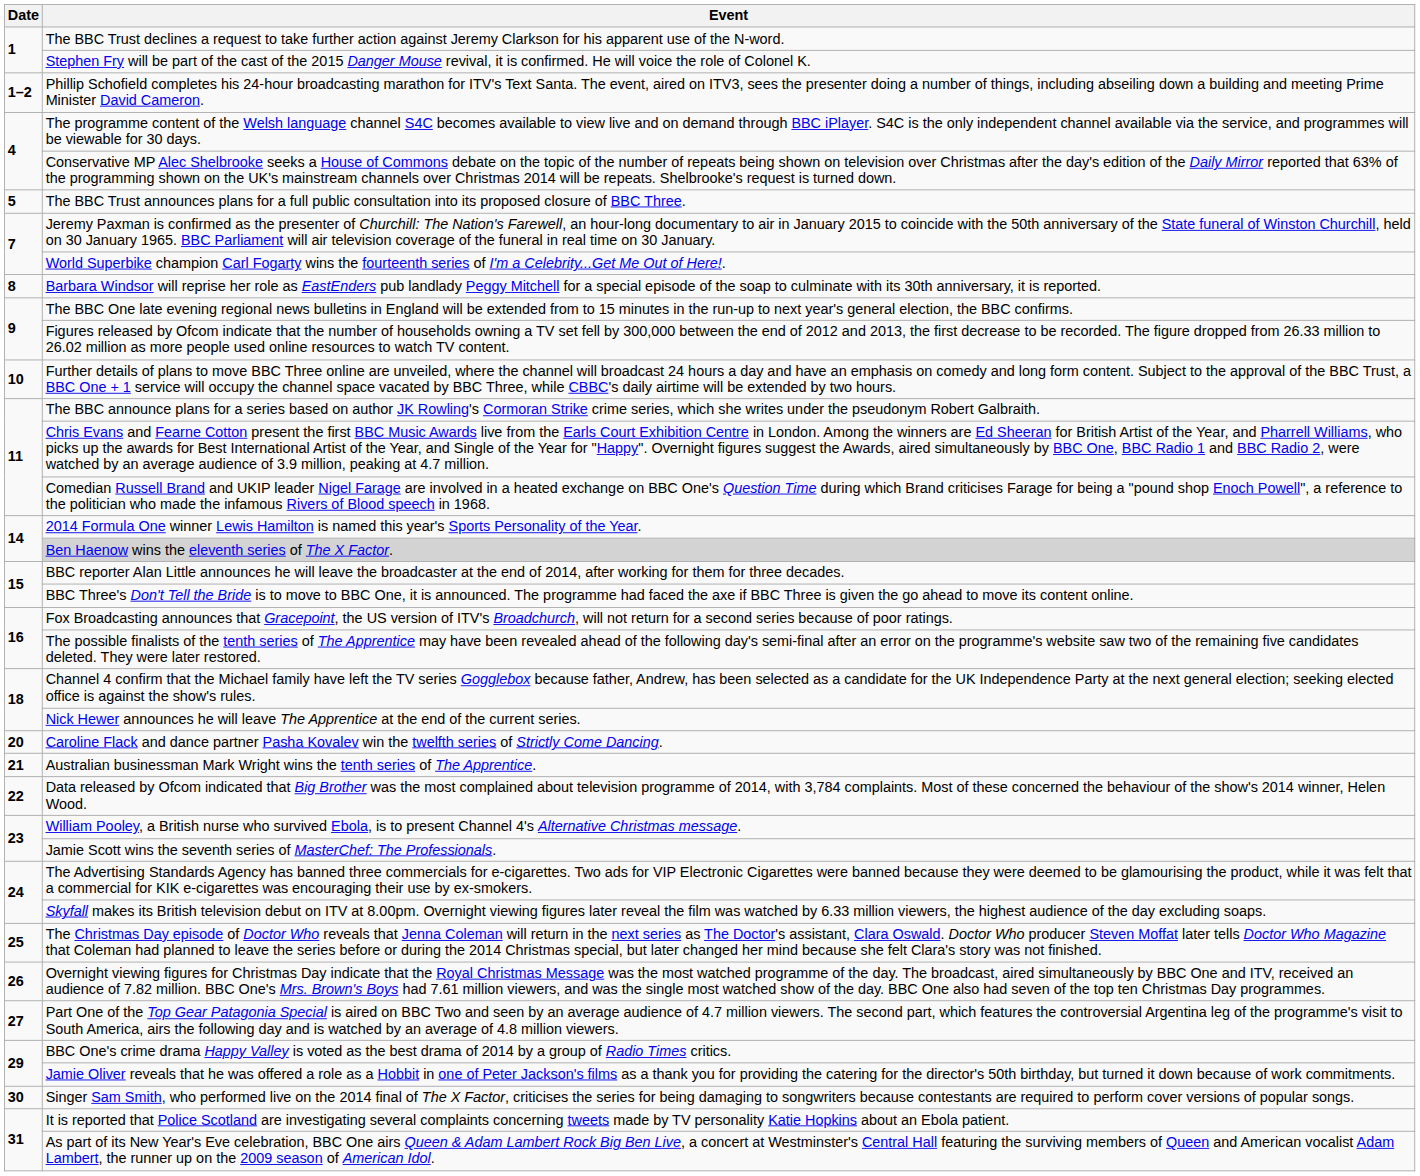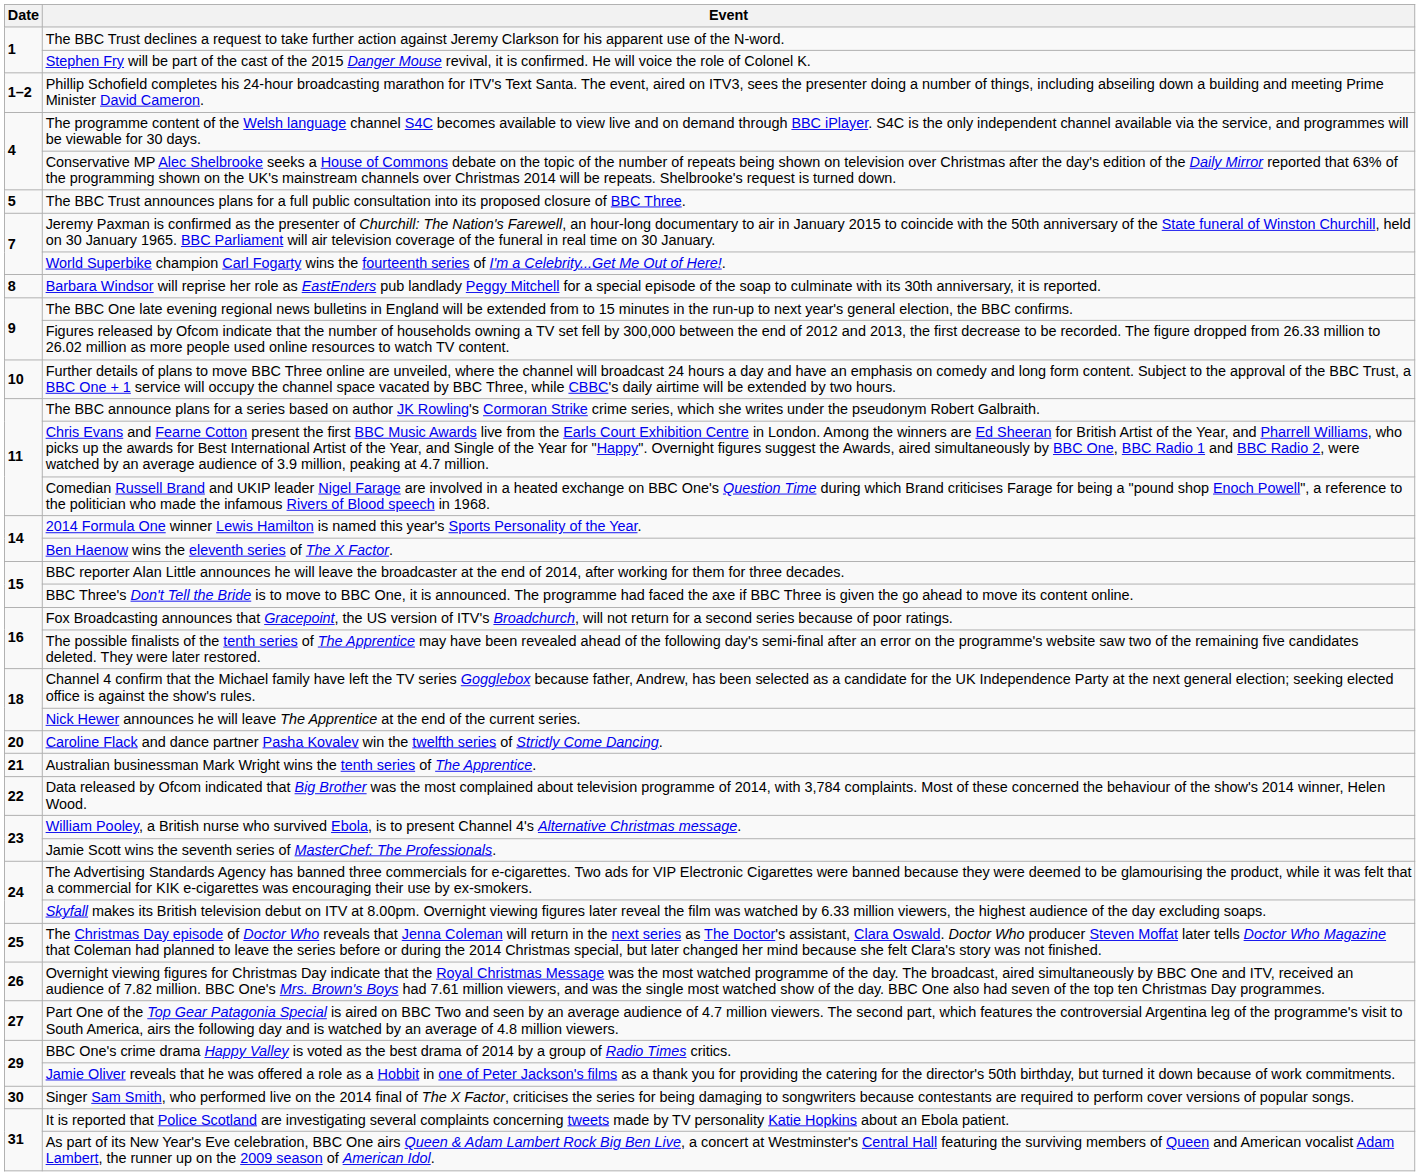 <table class="wikitable">
 <tr>
 <th>Date</th>
 <th>Event</th>
 </tr>
 <tr>
 <td rowspan=2><strong>1</strong></td>
 <td>The BBC Trust declines a request to take further action against Jeremy Clarkson for his apparent use of the N-word.</td>
 </tr>
 <tr>
 <td><a href='#'>Stephen Fry</a> will be part of the cast of the 2015 <em><a href='#'>Danger Mouse</a></em> revival, it is confirmed. He will voice the role of Colonel K.</td>
 </tr>
 <tr>
 <td><strong>1–2</strong></td>
 <td>Phillip Schofield completes his 24-hour broadcasting marathon for ITV's Text Santa. The event, aired on ITV3, sees the presenter doing a number of things, including abseiling down a building and meeting Prime Minister <a href='#'>David Cameron</a>.</td>
 </tr>
 <tr>
 <td rowspan=2><strong>4</strong></td>
 <td>The programme content of the <a href='#'>Welsh language</a> channel <a href='#'>S4C</a> becomes available to view live and on demand through <a href='#'>BBC iPlayer</a>. S4C is the only independent channel available via the service, and programmes will be viewable for 30 days.</td>
 </tr>
 <tr>
 <td>Conservative MP <a href='#'>Alec Shelbrooke</a> seeks a <a href='#'>House of Commons</a> debate on the topic of the number of repeats being shown on television over Christmas after the day's edition of the <em><a href='#'>Daily Mirror</a></em> reported that 63% of the programming shown on the UK's mainstream channels over Christmas 2014 will be repeats. Shelbrooke's request is turned down.</td>
 </tr>
 <tr>
 <td><strong>5</strong></td>
 <td>The BBC Trust announces plans for a full public consultation into its proposed closure of <a href='#'>BBC Three</a>.</td>
 </tr>
 <tr>
 <td rowspan=2><strong>7</strong></td>
 <td>Jeremy Paxman is confirmed as the presenter of <em>Churchill: The Nation's Farewell</em>, an hour-long documentary to air in January 2015 to coincide with the 50th anniversary of the <a href='#'>State funeral of Winston Churchill</a>, held on 30 January 1965. <a href='#'>BBC Parliament</a> will air television coverage of the funeral in real time on 30 January.</td>
 </tr>
 <tr>
 <td><a href='#'>World Superbike</a> champion <a href='#'>Carl Fogarty</a> wins the <a href='#'>fourteenth series</a> of <em><a href='#'>I'm a Celebrity...Get Me Out of Here!</a></em>.</td>
 </tr>
 <tr>
 <td><strong>8</strong></td>
 <td><a href='#'>Barbara Windsor</a> will reprise her role as <em><a href='#'>EastEnders</a></em> pub landlady <a href='#'>Peggy Mitchell</a> for a special episode of the soap to culminate with its 30th anniversary, it is reported.</td>
 </tr>
 <tr>
 <td rowspan=2><strong>9</strong></td>
 <td>The BBC One late evening regional news bulletins in England will be extended from  to 15 minutes in the run-up to next year's general election, the BBC confirms.</td>
 </tr>
 <tr>
 <td>Figures released by Ofcom indicate that the number of households owning a TV set fell by 300,000 between the end of 2012 and 2013, the first decrease to be recorded. The figure dropped from 26.33 million to 26.02 million as more people used online resources to watch TV content.</td>
 </tr>
 <tr>
 <td><strong>10</strong></td>
 <td>Further details of plans to move BBC Three online are unveiled, where the channel will broadcast 24 hours a day and have an emphasis on comedy and long form content. Subject to the approval of the BBC Trust, a <a href='#'>BBC One + 1</a> service will occupy the channel space vacated by BBC Three, while <a href='#'>CBBC</a>'s daily airtime will be extended by two hours.</td>
 </tr>
 <tr>
 <td rowspan=3><strong>11</strong></td>
 <td>The BBC announce plans for a series based on author <a href='#'>JK Rowling</a>'s <a href='#'>Cormoran Strike</a> crime series, which she writes under the pseudonym Robert Galbraith.</td>
 </tr>
 <tr>
 <td><a href='#'>Chris Evans</a> and <a href='#'>Fearne Cotton</a> present the first <a href='#'>BBC Music Awards</a> live from the <a href='#'>Earls Court Exhibition Centre</a> in London. Among the winners are <a href='#'>Ed Sheeran</a> for British Artist of the Year, and <a href='#'>Pharrell Williams</a>, who picks up the awards for Best International Artist of the Year, and Single of the Year for "<a href='#'>Happy</a>". Overnight figures suggest the Awards, aired simultaneously by <a href='#'>BBC One</a>, <a href='#'>BBC Radio 1</a> and <a href='#'>BBC Radio 2</a>, were watched by an average audience of 3.9 million, peaking at 4.7 million.</td>
 </tr>
 <tr>
 <td>Comedian <a href='#'>Russell Brand</a> and UKIP leader <a href='#'>Nigel Farage</a> are involved in a heated exchange on BBC One's <em><a href='#'>Question Time</a></em> during which Brand criticises Farage for being a "pound shop <a href='#'>Enoch Powell</a>", a reference to the politician who made the infamous <a href='#'>Rivers of Blood speech</a> in 1968.</td>
 </tr>
 <tr>
 <td rowspan=2><strong>14</strong></td>
 <td><a href='#'>2014 Formula One</a> winner <a href='#'>Lewis Hamilton</a> is named this year's <a href='#'>Sports Personality of the Year</a>.</td>
 </tr>
 <tr>
-<td style="background: lightgrey;"><a href='#'>Ben Haenow</a> wins the <a href='#'>eleventh series</a> of <em><a href='#'>The X Factor</a></em>.</td>
+<td><a href='#'>Ben Haenow</a> wins the <a href='#'>eleventh series</a> of <em><a href='#'>The X Factor</a></em>.</td>
 </tr>
 <tr>
 <td rowspan=2><strong>15</strong></td>
 <td>BBC reporter Alan Little announces he will leave the broadcaster at the end of 2014, after working for them for three decades.</td>
 </tr>
 <tr>
 <td>BBC Three's <em><a href='#'>Don't Tell the Bride</a></em> is to move to BBC One, it is announced. The programme had faced the axe if BBC Three is given the go ahead to move its content online.</td>
 </tr>
 <tr>
 <td rowspan=2><strong>16</strong></td>
 <td>Fox Broadcasting announces that <em><a href='#'>Gracepoint</a></em>, the US version of ITV's <em><a href='#'>Broadchurch</a></em>, will not return for a second series because of poor ratings.</td>
 </tr>
 <tr>
 <td>The possible finalists of the <a href='#'>tenth series</a> of <em><a href='#'>The Apprentice</a></em> may have been revealed ahead of the following day's semi-final after an error on the programme's website saw two of the remaining five candidates deleted. They were later restored.</td>
 </tr>
 <tr>
 <td rowspan=2><strong>18</strong></td>
 <td>Channel 4 confirm that the Michael family have left the TV series <em><a href='#'>Gogglebox</a></em> because father, Andrew, has been selected as a candidate for the UK Independence Party at the next general election; seeking elected office is against the show's rules.</td>
 </tr>
 <tr>
 <td><a href='#'>Nick Hewer</a> announces he will leave <em>The Apprentice</em> at the end of the current series.</td>
 </tr>
 <tr>
 <td><strong>20</strong></td>
 <td><a href='#'>Caroline Flack</a> and dance partner <a href='#'>Pasha Kovalev</a> win the <a href='#'>twelfth series</a> of <em><a href='#'>Strictly Come Dancing</a></em>.</td>
 </tr>
 <tr>
 <td><strong>21</strong></td>
 <td>Australian businessman Mark Wright wins the <a href='#'>tenth series</a> of <em><a href='#'>The Apprentice</a></em>.</td>
 </tr>
 <tr>
 <td><strong>22</strong></td>
 <td>Data released by Ofcom indicated that <em><a href='#'>Big Brother</a></em> was the most complained about television programme of 2014, with 3,784 complaints. Most of these concerned the behaviour of the show's 2014 winner, Helen Wood.</td>
 </tr>
 <tr>
 <td rowspan=2><strong>23</strong></td>
 <td><a href='#'>William Pooley</a>, a British nurse who survived <a href='#'>Ebola</a>, is to present Channel 4's <em><a href='#'>Alternative Christmas message</a></em>.</td>
 </tr>
 <tr>
 <td>Jamie Scott wins the seventh series of <em><a href='#'>MasterChef: The Professionals</a></em>.</td>
 </tr>
 <tr>
 <td rowspan=2><strong>24</strong></td>
 <td>The Advertising Standards Agency has banned three commercials for e-cigarettes. Two ads for VIP Electronic Cigarettes were banned because they were deemed to be glamourising the product, while it was felt that a commercial for KIK e-cigarettes was encouraging their use by ex-smokers.</td>
 </tr>
 <tr>
 <td><em><a href='#'>Skyfall</a></em> makes its British television debut on ITV at 8.00pm. Overnight viewing figures later reveal the film was watched by 6.33 million viewers, the highest audience of the day excluding soaps.</td>
 </tr>
 <tr>
 <td><strong>25</strong></td>
 <td>The <a href='#'>Christmas Day episode</a> of <em><a href='#'>Doctor Who</a></em> reveals that <a href='#'>Jenna Coleman</a> will return in the <a href='#'>next series</a> as <a href='#'>The Doctor</a>'s assistant, <a href='#'>Clara Oswald</a>. <em>Doctor Who</em> producer <a href='#'>Steven Moffat</a> later tells <em><a href='#'>Doctor Who Magazine</a></em> that Coleman had planned to leave the series before or during the 2014 Christmas special, but later changed her mind because she felt Clara's story was not finished.</td>
 </tr>
 <tr>
 <td><strong>26</strong></td>
 <td>Overnight viewing figures for Christmas Day indicate that the <a href='#'>Royal Christmas Message</a> was the most watched programme of the day. The broadcast, aired simultaneously by BBC One and ITV, received an audience of 7.82 million. BBC One's <em><a href='#'>Mrs. Brown's Boys</a></em> had 7.61 million viewers, and was the single most watched show of the day. BBC One also had seven of the top ten Christmas Day programmes.</td>
 </tr>
 <tr>
 <td><strong>27</strong></td>
 <td>Part One of the <em><a href='#'>Top Gear Patagonia Special</a></em> is aired on BBC Two and seen by an average audience of 4.7 million viewers. The second part, which features the controversial Argentina leg of the programme's visit to South America, airs the following day and is watched by an average of 4.8 million viewers.</td>
 </tr>
 <tr>
 <td rowspan=2><strong>29</strong></td>
 <td>BBC One's crime drama <em><a href='#'>Happy Valley</a></em> is voted as the best drama of 2014 by a group of <em><a href='#'>Radio Times</a></em> critics.</td>
 </tr>
 <tr>
 <td><a href='#'>Jamie Oliver</a> reveals that he was offered a role as a <a href='#'>Hobbit</a> in <a href='#'>one of Peter Jackson's films</a> as a thank you for providing the catering for the director's 50th birthday, but turned it down because of work commitments.</td>
 </tr>
 <tr>
 <td><strong>30</strong></td>
 <td>Singer <a href='#'>Sam Smith</a>, who performed live on the 2014 final of <em>The X Factor</em>, criticises the series for being damaging to songwriters because contestants are required to perform cover versions of popular songs.</td>
 </tr>
 <tr>
 <td rowspan=2><strong>31</strong></td>
 <td>It is reported that <a href='#'>Police Scotland</a> are investigating several complaints concerning <a href='#'>tweets</a> made by TV personality <a href='#'>Katie Hopkins</a> about an Ebola patient.</td>
 </tr>
 <tr>
 <td>As part of its New Year's Eve celebration, BBC One airs <em><a href='#'>Queen & Adam Lambert Rock Big Ben Live</a></em>, a concert at Westminster's <a href='#'>Central Hall</a> featuring the surviving members of <a href='#'>Queen</a> and American vocalist <a href='#'>Adam Lambert</a>, the runner up on the <a href='#'>2009 season</a> of <em><a href='#'>American Idol</a></em>.</td>
 </tr>
 </table>
